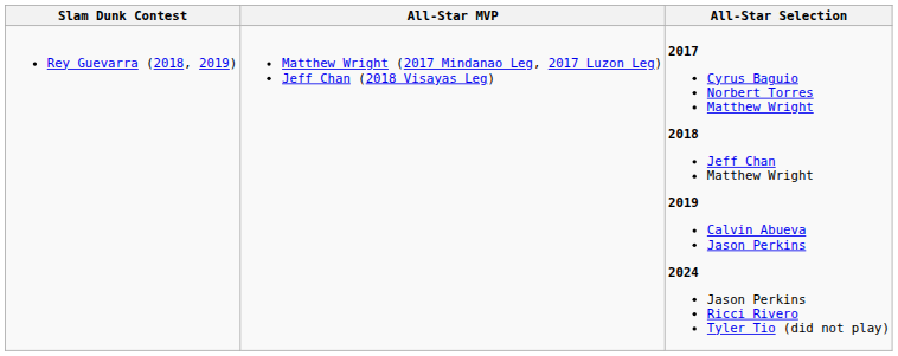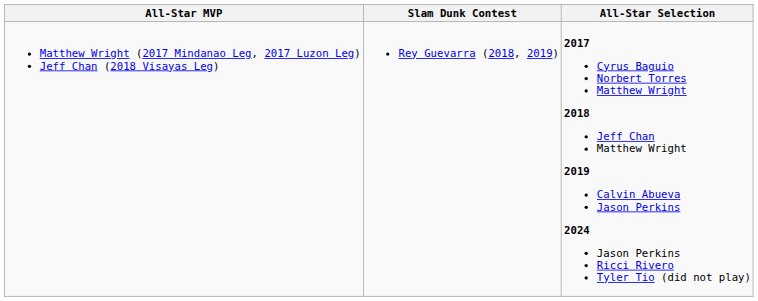 <table class=wikitable>
 <tr>
+<th>All-Star MVP</th>
 <th>Slam Dunk Contest</th>
-<th>All-Star MVP</th>
 <th>All-Star Selection</th>
 </tr>
 <tr>
+<td valign="top"><br><ul><li><a href='#'>Matthew Wright</a> (<a href='#'>2017 Mindanao Leg</a>, <a href='#'>2017 Luzon Leg</a>)</li><li><a href='#'>Jeff Chan</a> (<a href='#'>2018 Visayas Leg</a>)</li></ul></td>
 <td valign="top"><br><ul><li><a href='#'>Rey Guevarra</a> (<a href='#'>2018</a>, <a href='#'>2019</a>)</li></ul></td>
-<td valign="top"><br><ul><li><a href='#'>Matthew Wright</a> (<a href='#'>2017 Mindanao Leg</a>, <a href='#'>2017 Luzon Leg</a>)</li><li><a href='#'>Jeff Chan</a> (<a href='#'>2018 Visayas Leg</a>)</li></ul></td>
 <td valign="top"><br><strong>2017</strong><ul><li><a href='#'>Cyrus Baguio</a></li><li><a href='#'>Norbert Torres</a></li><li><a href='#'>Matthew Wright</a></li></ul><strong>2018</strong><ul><li><a href='#'>Jeff Chan</a></li><li>Matthew Wright</li></ul><strong>2019</strong><ul><li><a href='#'>Calvin Abueva</a></li><li><a href='#'>Jason Perkins</a></li></ul><strong>2024</strong><ul><li>Jason Perkins</li><li><a href='#'>Ricci Rivero</a></li><li><a href='#'>Tyler Tio</a> (did not play)</li></ul></td>
 </tr>
 </table>
